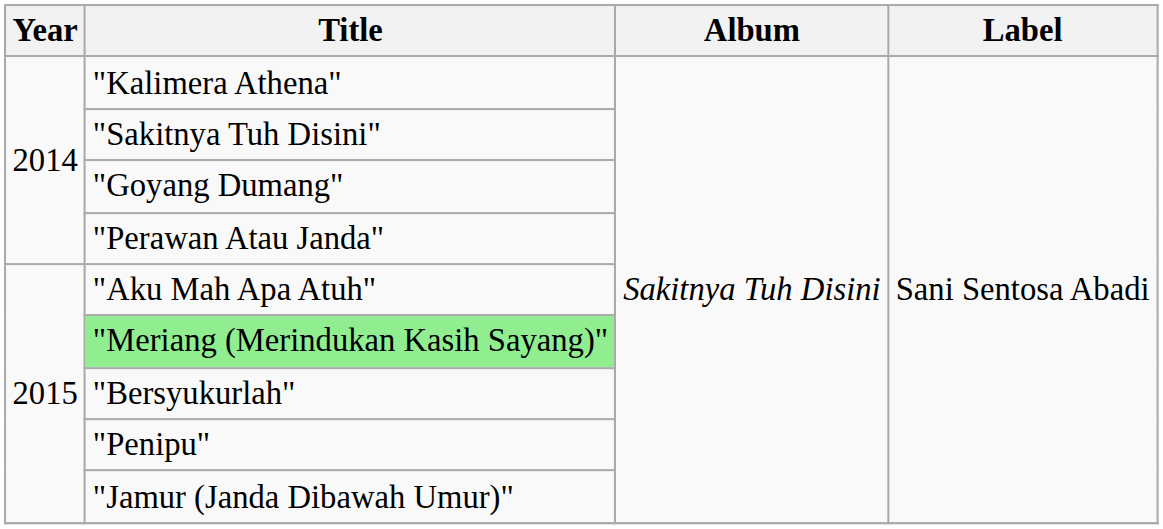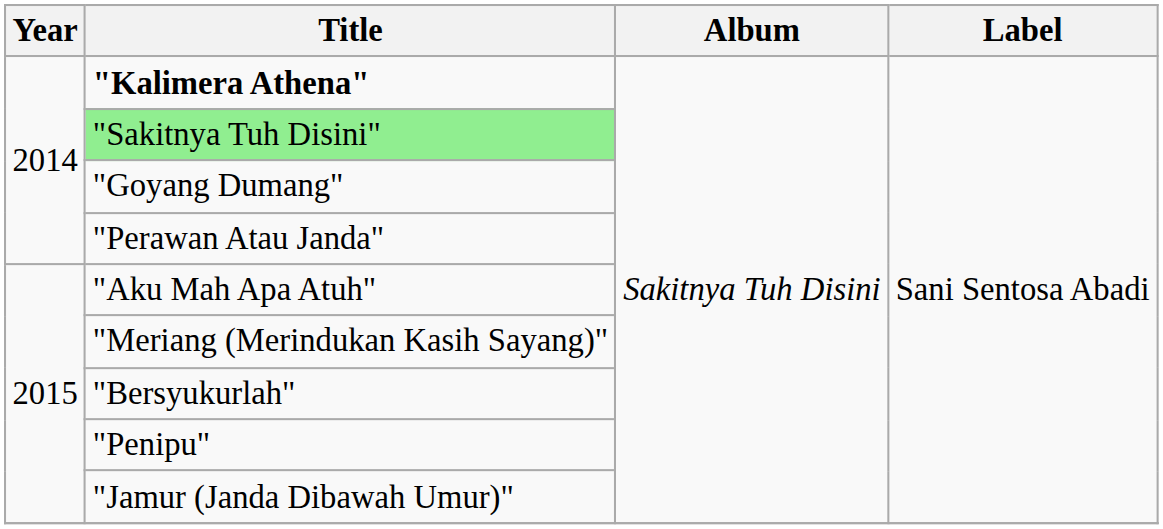 <table class="wikitable">
 <tr>
 <th>Year</th>
 <th>Title</th>
 <th>Album</th>
 <th>Label</th>
 </tr>
 <tr>
 <td rowspan= "4">2014</td>
-<td>"Kalimera Athena"</td>
+<td><strong>"Kalimera Athena"</strong></td>
 <td rowspan= "9"><em>Sakitnya Tuh Disini</em></td>
 <td rowspan= "9">Sani Sentosa Abadi</td>
 </tr>
 <tr>
-<td>"Sakitnya Tuh Disini"</td>
+<td style="background: lightgreen;">"Sakitnya Tuh Disini"</td>
 </tr>
 <tr>
 <td>"Goyang Dumang"</td>
 </tr>
 <tr>
 <td>"Perawan Atau Janda"</td>
 </tr>
 <tr>
 <td rowspan= "5">2015</td>
 <td>"Aku Mah Apa Atuh"</td>
 </tr>
 <tr>
-<td style="background: lightgreen;">"Meriang (Merindukan Kasih Sayang)"</td>
+<td>"Meriang (Merindukan Kasih Sayang)"</td>
 </tr>
 <tr>
 <td>"Bersyukurlah"</td>
 </tr>
 <tr>
 <td>"Penipu"</td>
 </tr>
 <tr>
 <td>"Jamur (Janda Dibawah Umur)"</td>
 </tr>
 <tr>
 </tr>
 </table>
